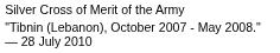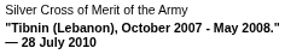 <table>
 <tr>
 <td rowspan=2 style="width:60px; vertical-align:top;"></td>
 <td>Silver Cross of Merit of the Army</td>
 </tr>
 <tr>
-<td>"Tibnin (Lebanon), October 2007 - May 2008."<br>— 28 July 2010</td>
+<td><strong>"Tibnin (Lebanon), October 2007 - May 2008."<br>— 28 July 2010</strong></td>
 </tr>
 </table>
